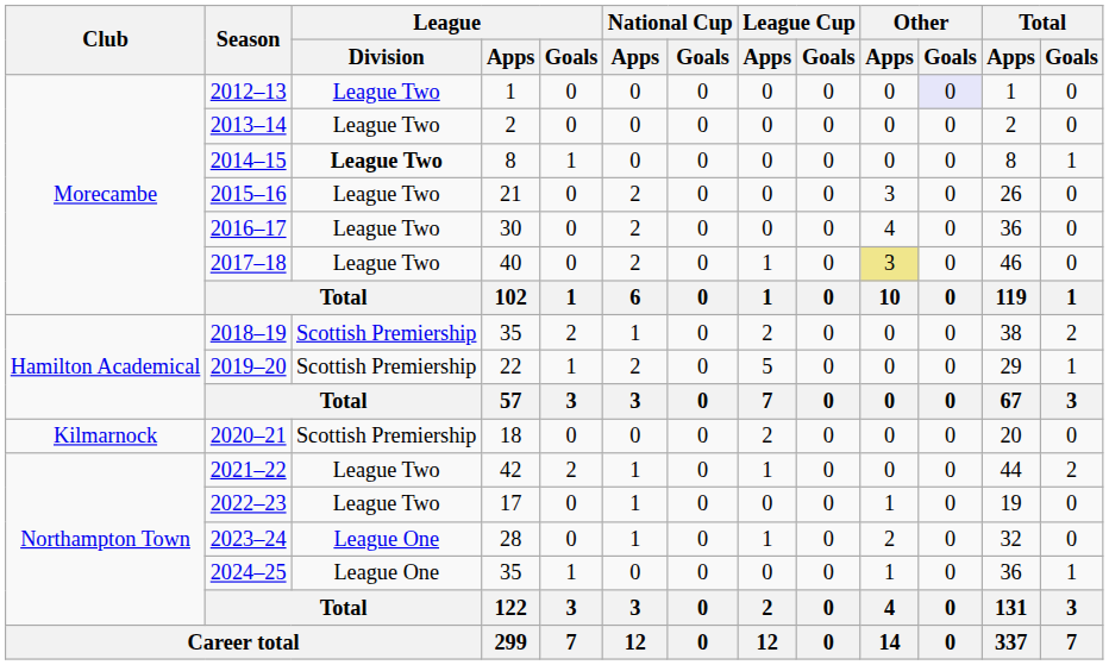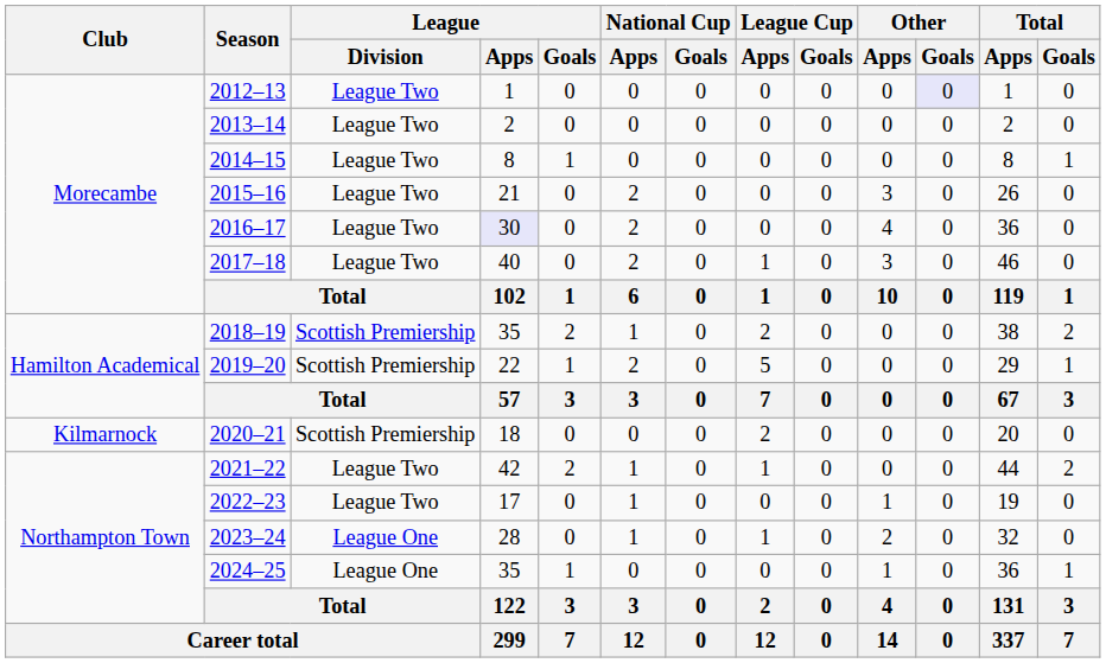 <table class="wikitable" style="text-align:center">
 <tr>
 <th rowspan="2">Club</th>
 <th rowspan="2">Season</th>
 <th colspan="3">League</th>
 <th colspan="2">National Cup</th>
 <th colspan="2">League Cup</th>
 <th colspan="2">Other</th>
 <th colspan="2">Total</th>
 </tr>
 <tr>
 <th>Division</th>
 <th>Apps</th>
 <th>Goals</th>
 <th>Apps</th>
 <th>Goals</th>
 <th>Apps</th>
 <th>Goals</th>
 <th>Apps</th>
 <th>Goals</th>
 <th>Apps</th>
 <th>Goals</th>
 </tr>
 <tr>
 <td rowspan="7"><a href='#'>Morecambe</a></td>
 <td><a href='#'>2012–13</a></td>
 <td><a href='#'>League Two</a></td>
 <td>1</td>
 <td>0</td>
 <td>0</td>
 <td>0</td>
 <td>0</td>
 <td>0</td>
 <td>0</td>
 <td style="background: lavender;">0</td>
 <td>1</td>
 <td>0</td>
 </tr>
 <tr>
 <td><a href='#'>2013–14</a></td>
 <td>League Two</td>
 <td>2</td>
 <td>0</td>
 <td>0</td>
 <td>0</td>
 <td>0</td>
 <td>0</td>
 <td>0</td>
 <td>0</td>
 <td>2</td>
 <td>0</td>
 </tr>
 <tr>
 <td><a href='#'>2014–15</a></td>
-<td><strong>League Two</strong></td>
+<td>League Two</td>
 <td>8</td>
 <td>1</td>
 <td>0</td>
 <td>0</td>
 <td>0</td>
 <td>0</td>
 <td>0</td>
 <td>0</td>
 <td>8</td>
 <td>1</td>
 </tr>
 <tr>
 <td><a href='#'>2015–16</a></td>
 <td>League Two</td>
 <td>21</td>
 <td>0</td>
 <td>2</td>
 <td>0</td>
 <td>0</td>
 <td>0</td>
 <td>3</td>
 <td>0</td>
 <td>26</td>
 <td>0</td>
 </tr>
 <tr>
 <td><a href='#'>2016–17</a></td>
 <td>League Two</td>
-<td>30</td>
+<td style="background: lavender;">30</td>
 <td>0</td>
 <td>2</td>
 <td>0</td>
 <td>0</td>
 <td>0</td>
 <td>4</td>
 <td>0</td>
 <td>36</td>
 <td>0</td>
 </tr>
 <tr>
 <td><a href='#'>2017–18</a></td>
 <td>League Two</td>
 <td>40</td>
 <td>0</td>
 <td>2</td>
 <td>0</td>
 <td>1</td>
 <td>0</td>
-<td style="background: khaki;">3</td>
+<td>3</td>
 <td>0</td>
 <td>46</td>
 <td>0</td>
 </tr>
 <tr>
 <th colspan=2>Total</th>
 <th>102</th>
 <th>1</th>
 <th>6</th>
 <th>0</th>
 <th>1</th>
 <th>0</th>
 <th>10</th>
 <th>0</th>
 <th>119</th>
 <th>1</th>
 </tr>
 <tr>
 <td rowspan=3><a href='#'>Hamilton Academical</a></td>
 <td><a href='#'>2018–19</a></td>
 <td><a href='#'>Scottish Premiership</a></td>
 <td>35</td>
 <td>2</td>
 <td>1</td>
 <td>0</td>
 <td>2</td>
 <td>0</td>
 <td>0</td>
 <td>0</td>
 <td>38</td>
 <td>2</td>
 </tr>
 <tr>
 <td><a href='#'>2019–20</a></td>
 <td>Scottish Premiership</td>
 <td>22</td>
 <td>1</td>
 <td>2</td>
 <td>0</td>
 <td>5</td>
 <td>0</td>
 <td>0</td>
 <td>0</td>
 <td>29</td>
 <td>1</td>
 </tr>
 <tr>
 <th colspan=2>Total</th>
 <th>57</th>
 <th>3</th>
 <th>3</th>
 <th>0</th>
 <th>7</th>
 <th>0</th>
 <th>0</th>
 <th>0</th>
 <th>67</th>
 <th>3</th>
 </tr>
 <tr>
 <td><a href='#'>Kilmarnock</a></td>
 <td><a href='#'>2020–21</a></td>
 <td>Scottish Premiership</td>
 <td>18</td>
 <td>0</td>
 <td>0</td>
 <td>0</td>
 <td>2</td>
 <td>0</td>
 <td>0</td>
 <td>0</td>
 <td>20</td>
 <td>0</td>
 </tr>
 <tr>
 <td rowspan=5><a href='#'>Northampton Town</a></td>
 <td><a href='#'>2021–22</a></td>
 <td>League Two</td>
 <td>42</td>
 <td>2</td>
 <td>1</td>
 <td>0</td>
 <td>1</td>
 <td>0</td>
 <td>0</td>
 <td>0</td>
 <td>44</td>
 <td>2</td>
 </tr>
 <tr>
 <td><a href='#'>2022–23</a></td>
 <td>League Two</td>
 <td>17</td>
 <td>0</td>
 <td>1</td>
 <td>0</td>
 <td>0</td>
 <td>0</td>
 <td>1</td>
 <td>0</td>
 <td>19</td>
 <td>0</td>
 </tr>
 <tr>
 <td><a href='#'>2023–24</a></td>
 <td><a href='#'>League One</a></td>
 <td>28</td>
 <td>0</td>
 <td>1</td>
 <td>0</td>
 <td>1</td>
 <td>0</td>
 <td>2</td>
 <td>0</td>
 <td>32</td>
 <td>0</td>
 </tr>
 <tr>
 <td><a href='#'>2024–25</a></td>
 <td>League One</td>
 <td>35</td>
 <td>1</td>
 <td>0</td>
 <td>0</td>
 <td>0</td>
 <td>0</td>
 <td>1</td>
 <td>0</td>
 <td>36</td>
 <td>1</td>
 </tr>
 <tr>
 <th colspan=2>Total</th>
 <th>122</th>
 <th>3</th>
 <th>3</th>
 <th>0</th>
 <th>2</th>
 <th>0</th>
 <th>4</th>
 <th>0</th>
 <th>131</th>
 <th>3</th>
 </tr>
 <tr>
 <th colspan="3">Career total</th>
 <th>299</th>
 <th>7</th>
 <th>12</th>
 <th>0</th>
 <th>12</th>
 <th>0</th>
 <th>14</th>
 <th>0</th>
 <th>337</th>
 <th>7</th>
 </tr>
 </table>
